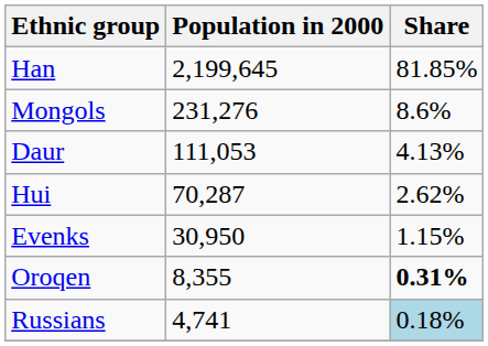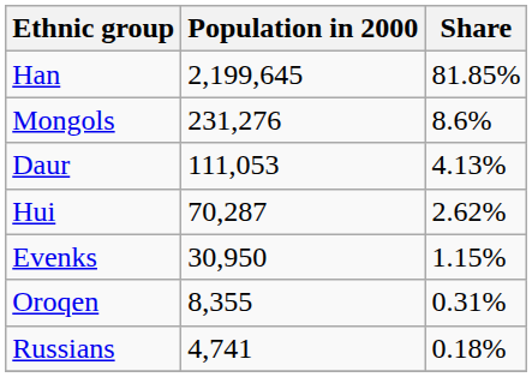 <table class="wikitable">
 <tr>
 <th>Ethnic group</th>
 <th>Population in 2000</th>
 <th>Share</th>
 </tr>
 <tr>
 <td><a href='#'>Han</a></td>
 <td>2,199,645</td>
 <td>81.85%</td>
 </tr>
 <tr>
 <td><a href='#'>Mongols</a></td>
 <td>231,276</td>
 <td>8.6%</td>
 </tr>
 <tr>
 <td><a href='#'>Daur</a></td>
 <td>111,053</td>
 <td>4.13%</td>
 </tr>
 <tr>
 <td><a href='#'>Hui</a></td>
 <td>70,287</td>
 <td>2.62%</td>
 </tr>
 <tr>
 <td><a href='#'>Evenks</a></td>
 <td>30,950</td>
 <td>1.15%</td>
 </tr>
 <tr>
 <td><a href='#'>Oroqen</a></td>
 <td>8,355</td>
-<td><strong>0.31%</strong></td>
+<td>0.31%</td>
 </tr>
 <tr>
 <td><a href='#'>Russians</a></td>
 <td>4,741</td>
-<td style="background: lightblue;">0.18%</td>
+<td>0.18%</td>
 </tr>
 <tr>
 </tr>
 </table>
